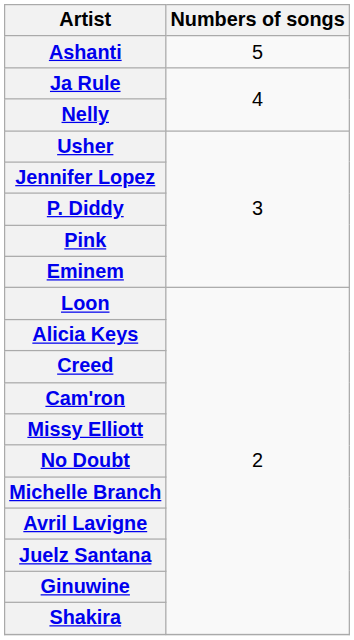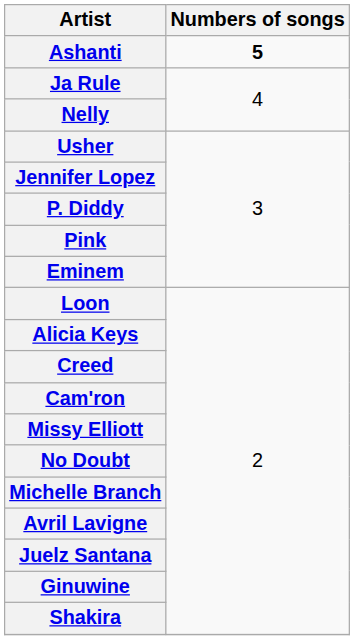 <table class="wikitable sortable plainrowheaders" style="text-align:center;">
 <tr>
 <th scope="col">Artist</th>
 <th scope="col">Numbers of songs</th>
 </tr>
 <tr>
 <th scope="row"><a href='#'>Ashanti</a></th>
-<td>5</td>
+<td><strong>5</strong></td>
 </tr>
 <tr>
 <th scope="row"><a href='#'>Ja Rule</a></th>
 <td rowspan="2">4</td>
 </tr>
 <tr>
 <th scope="row"><a href='#'>Nelly</a></th>
 </tr>
 <tr>
 <th scope="row"><a href='#'>Usher</a></th>
 <td rowspan="5">3</td>
 </tr>
 <tr>
 <th scope="row"><a href='#'>Jennifer Lopez</a></th>
 </tr>
 <tr>
 <th scope="row"><a href='#'>P. Diddy</a></th>
 </tr>
 <tr>
 <th scope="row"><a href='#'>Pink</a></th>
 </tr>
 <tr>
 <th scope="row"><a href='#'>Eminem</a></th>
 </tr>
 <tr>
 <th scope="row"><a href='#'>Loon</a></th>
 <td rowspan="11">2</td>
 </tr>
 <tr>
 <th scope="row"><a href='#'>Alicia Keys</a></th>
 </tr>
 <tr>
 <th scope="row"><a href='#'>Creed</a></th>
 </tr>
 <tr>
 <th scope="row"><a href='#'>Cam'ron</a></th>
 </tr>
 <tr>
 <th scope="row"><a href='#'>Missy Elliott</a></th>
 </tr>
 <tr>
 <th scope="row"><a href='#'>No Doubt</a></th>
 </tr>
 <tr>
 <th scope="row"><a href='#'>Michelle Branch</a></th>
 </tr>
 <tr>
 <th scope="row"><a href='#'>Avril Lavigne</a></th>
 </tr>
 <tr>
 <th scope="row"><a href='#'>Juelz Santana</a></th>
 </tr>
 <tr>
 <th scope="row"><a href='#'>Ginuwine</a></th>
 </tr>
 <tr>
 <th scope="row"><a href='#'>Shakira</a></th>
 </tr>
 <tr>
 </tr>
 </table>
